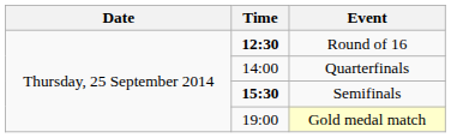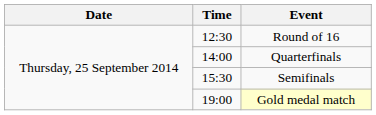 <table class = "wikitable" style="text-align:center;">
 <tr>
 <th width=220>Date</th>
 <th width=50>Time</th>
 <th width=150>Event</th>
 </tr>
 <tr>
 <td rowspan=4>Thursday, 25 September 2014</td>
-<td><strong>12:30</strong></td>
+<td>12:30</td>
 <td>Round of 16</td>
 </tr>
 <tr>
 <td>14:00</td>
 <td>Quarterfinals</td>
 </tr>
 <tr>
-<td><strong>15:30</strong></td>
+<td>15:30</td>
 <td>Semifinals</td>
 </tr>
 <tr>
 <td>19:00</td>
 <td bgcolor=ffffcc>Gold medal match</td>
 </tr>
 </table>
